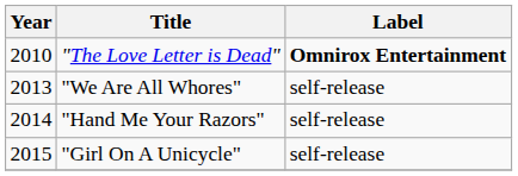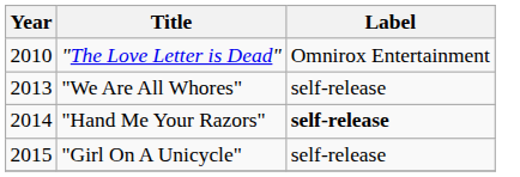 <table class="wikitable">
 <tr>
 <th>Year</th>
 <th>Title</th>
 <th>Label</th>
 </tr>
 <tr>
 <td>2010</td>
 <td><em>"<a href='#'>The Love Letter is Dead</a>"</em></td>
-<td><strong>Omnirox Entertainment</strong></td>
+<td>Omnirox Entertainment</td>
 </tr>
 <tr>
 <td>2013</td>
 <td>"We Are All Whores"</td>
 <td>self-release</td>
 </tr>
 <tr>
 <td>2014</td>
 <td>"Hand Me Your Razors"</td>
-<td>self-release</td>
+<td><strong>self-release</strong></td>
 </tr>
 <tr>
 <td>2015</td>
 <td>"Girl On A Unicycle"</td>
 <td>self-release</td>
 </tr>
 <tr>
 </tr>
 </table>
